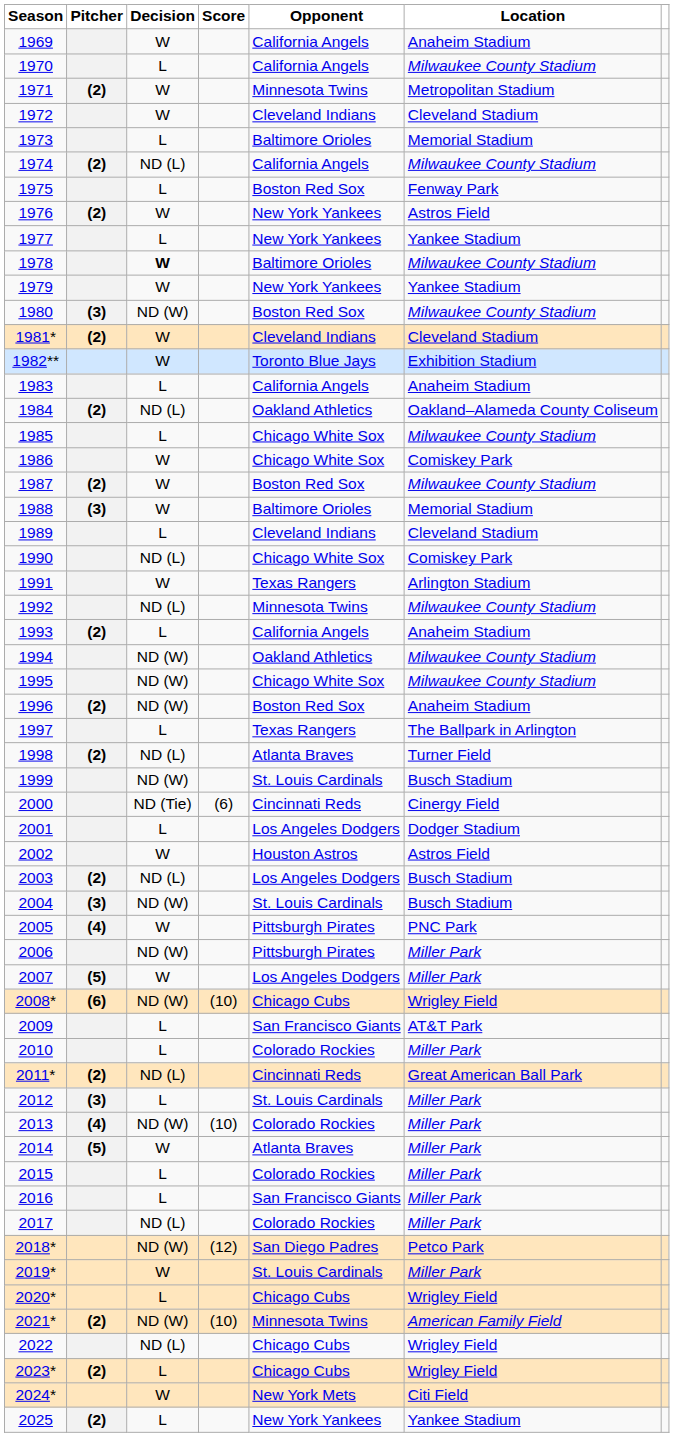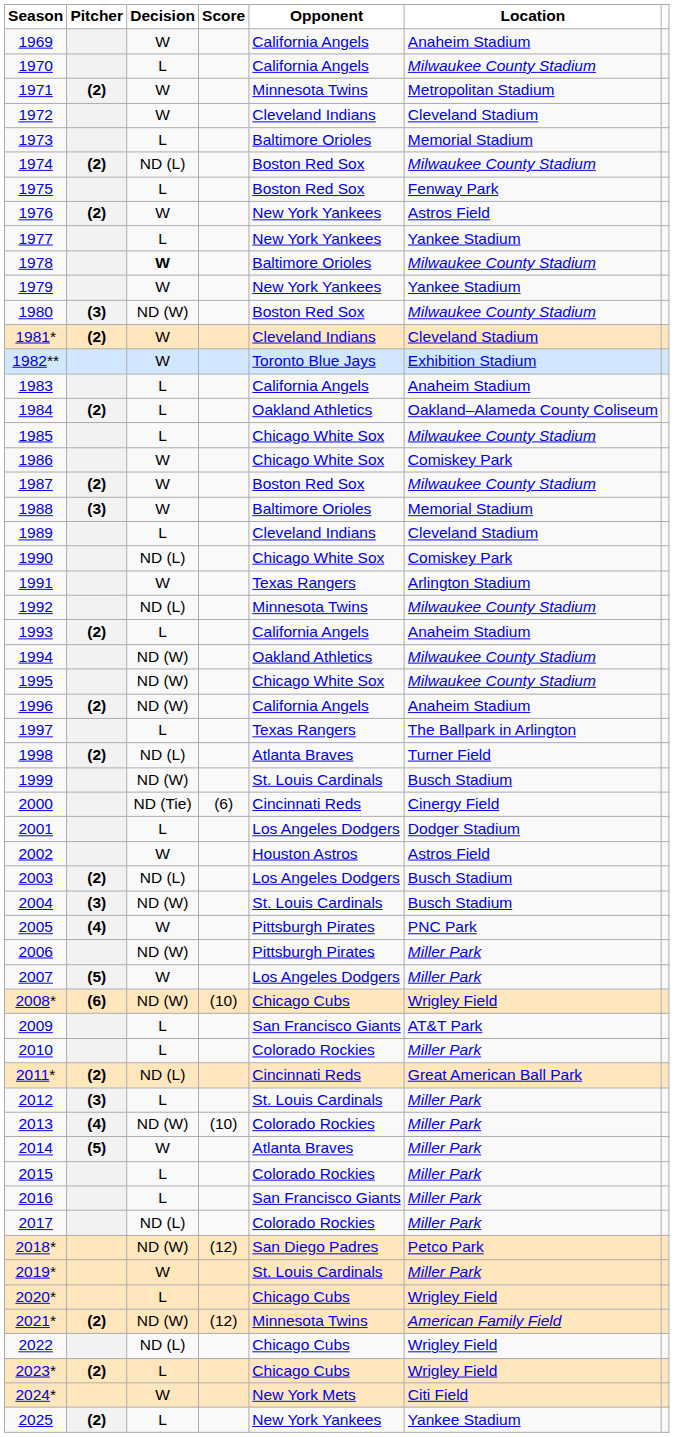 <table class="wikitable sortable plainrowheaders">
 <tr>
 <th scope="col" style="background-color:#ffffff; border-top:#">Season</th>
 <th scope="col" style="background-color:#ffffff; border-top:#">Pitcher</th>
 <th scope="col" style="background-color:#ffffff; border-top:#">Decision</th>
 <th scope="col" style="background-color:#ffffff; border-top:#">Score</th>
 <th scope="col" style="background-color:#ffffff; border-top:#">Opponent</th>
 <th scope="col" style="background-color:#ffffff; border-top:#">Location</th>
 <th scope="col" class="unsortable" style="background-color:#ffffff; border-top:#"></th>
 </tr>
 <tr>
 <td align=center><a href='#'>1969</a></td>
 <th scope="row"></th>
 <td align=center>W</td>
 <td align=center></td>
 <td><a href='#'>California Angels</a></td>
 <td><a href='#'>Anaheim Stadium</a></td>
 <td align="center"></td>
 </tr>
 <tr>
 <td align=center><a href='#'>1970</a></td>
 <th scope="row"></th>
 <td align=center>L</td>
 <td align=center></td>
 <td><a href='#'>California Angels</a></td>
 <td><em><a href='#'>Milwaukee County Stadium</a></em></td>
 <td align="center"></td>
 </tr>
 <tr>
 <td align=center><a href='#'>1971</a></td>
 <th scope="row"> (2)</th>
 <td align=center>W</td>
 <td align=center></td>
 <td><a href='#'>Minnesota Twins</a></td>
 <td><a href='#'>Metropolitan Stadium</a></td>
 <td align="center"></td>
 </tr>
 <tr>
 <td align=center><a href='#'>1972</a></td>
 <th scope="row"></th>
 <td align=center>W</td>
 <td align=center></td>
 <td><a href='#'>Cleveland Indians</a></td>
 <td><a href='#'>Cleveland Stadium</a></td>
 <td align="center"></td>
 </tr>
 <tr>
 <td align=center><a href='#'>1973</a></td>
 <th scope="row"></th>
 <td align=center>L</td>
 <td align=center></td>
 <td><a href='#'>Baltimore Orioles</a></td>
 <td><a href='#'>Memorial Stadium</a></td>
 <td align="center"></td>
 </tr>
 <tr>
 <td align=center><a href='#'>1974</a></td>
 <th scope="row"> (2)</th>
 <td align=center>ND (L)</td>
 <td align=center></td>
-<td><a href='#'>California Angels</a></td>
+<td><a href='#'>Boston Red Sox</a></td>
 <td><em><a href='#'>Milwaukee County Stadium</a></em></td>
 <td align="center"></td>
 </tr>
 <tr>
 <td align=center><a href='#'>1975</a></td>
 <th scope="row"></th>
 <td align=center>L</td>
 <td align=center></td>
 <td><a href='#'>Boston Red Sox</a></td>
 <td><a href='#'>Fenway Park</a></td>
 <td align="center"></td>
 </tr>
 <tr>
 <td align=center><a href='#'>1976</a></td>
 <th scope="row"> (2)</th>
 <td align=center>W</td>
 <td align=center></td>
 <td><a href='#'>New York Yankees</a></td>
 <td><a href='#'>Astros Field</a></td>
 <td align="center"></td>
 </tr>
 <tr>
 <td align=center><a href='#'>1977</a></td>
 <th scope="row"></th>
 <td align=center>L</td>
 <td align=center></td>
 <td><a href='#'>New York Yankees</a></td>
 <td><a href='#'>Yankee Stadium</a></td>
 <td align="center"></td>
 </tr>
 <tr>
 <td align=center><a href='#'>1978</a></td>
 <th scope="row"></th>
 <td align=center><strong>W</strong></td>
 <td align=center></td>
 <td><a href='#'>Baltimore Orioles</a></td>
 <td><em><a href='#'>Milwaukee County Stadium</a></em></td>
 <td align="center"></td>
 </tr>
 <tr>
 <td align=center><a href='#'>1979</a></td>
 <th scope="row"></th>
 <td align=center>W</td>
 <td align=center></td>
 <td><a href='#'>New York Yankees</a></td>
 <td><a href='#'>Yankee Stadium</a></td>
 <td align="center"></td>
 </tr>
 <tr>
 <td align=center><a href='#'>1980</a></td>
 <th scope="row"> (3)</th>
 <td align=center>ND (W)</td>
 <td align=center></td>
 <td><a href='#'>Boston Red Sox</a></td>
 <td><em><a href='#'>Milwaukee County Stadium</a></em></td>
 <td align="center"></td>
 </tr>
 <tr>
 <td style="background:#FFE6BD" align=center><a href='#'>1981</a>*</td>
 <th scope="row" style="background:#FFE6BD"> (2)</th>
 <td style="background:#FFE6BD" align=center>W</td>
 <td style="background:#FFE6BD" align=center></td>
 <td style="background:#FFE6BD"><a href='#'>Cleveland Indians</a></td>
 <td style="background:#FFE6BD"><a href='#'>Cleveland Stadium</a></td>
 <td style="background:#FFE6BD" align="center"></td>
 </tr>
 <tr>
 <td style="background:#D0E7FF" align=center><a href='#'>1982</a>**</td>
 <th scope="row" style="background:#D0E7FF"></th>
 <td style="background:#D0E7FF" align=center>W</td>
 <td style="background:#D0E7FF" align=center></td>
 <td style="background:#D0E7FF"><a href='#'>Toronto Blue Jays</a></td>
 <td style="background:#D0E7FF"><a href='#'>Exhibition Stadium</a></td>
 <td style="background:#D0E7FF" align="center"></td>
 </tr>
 <tr>
 <td align=center><a href='#'>1983</a></td>
 <th scope="row"></th>
 <td align=center>L</td>
 <td align=center></td>
 <td><a href='#'>California Angels</a></td>
 <td><a href='#'>Anaheim Stadium</a></td>
 <td align="center"></td>
 </tr>
 <tr>
 <td align=center><a href='#'>1984</a></td>
 <th scope="row"> (2)</th>
-<td align=center>ND (L)</td>
+<td align=center>L</td>
 <td align=center></td>
 <td><a href='#'>Oakland Athletics</a></td>
 <td><a href='#'>Oakland–Alameda County Coliseum</a></td>
 <td align="center"></td>
 </tr>
 <tr>
 <td align=center><a href='#'>1985</a></td>
 <th scope="row"></th>
 <td align=center>L</td>
 <td align=center></td>
 <td><a href='#'>Chicago White Sox</a></td>
 <td><em><a href='#'>Milwaukee County Stadium</a></em></td>
 <td align="center"></td>
 </tr>
 <tr>
 <td align=center><a href='#'>1986</a></td>
 <th scope="row"></th>
 <td align=center>W</td>
 <td align=center></td>
 <td><a href='#'>Chicago White Sox</a></td>
 <td><a href='#'>Comiskey Park</a></td>
 <td align="center"></td>
 </tr>
 <tr>
 <td align=center><a href='#'>1987</a></td>
 <th scope="row"> (2)</th>
 <td align=center>W</td>
 <td align=center></td>
 <td><a href='#'>Boston Red Sox</a></td>
 <td><em><a href='#'>Milwaukee County Stadium</a></em></td>
 <td align="center"></td>
 </tr>
 <tr>
 <td align=center><a href='#'>1988</a></td>
 <th scope="row"> (3)</th>
 <td align=center>W</td>
 <td align=center></td>
 <td><a href='#'>Baltimore Orioles</a></td>
 <td><a href='#'>Memorial Stadium</a></td>
 <td align="center"></td>
 </tr>
 <tr>
 <td align=center><a href='#'>1989</a></td>
 <th scope="row"></th>
 <td align=center>L</td>
 <td align=center></td>
 <td><a href='#'>Cleveland Indians</a></td>
 <td><a href='#'>Cleveland Stadium</a></td>
 <td align="center"></td>
 </tr>
 <tr>
 <td align=center><a href='#'>1990</a></td>
 <th scope="row"></th>
 <td align=center>ND (L)</td>
 <td align=center></td>
 <td><a href='#'>Chicago White Sox</a></td>
 <td><a href='#'>Comiskey Park</a></td>
 <td align="center"></td>
 </tr>
 <tr>
 <td align=center><a href='#'>1991</a></td>
 <th scope="row"></th>
 <td align=center>W</td>
 <td align=center></td>
 <td><a href='#'>Texas Rangers</a></td>
 <td><a href='#'>Arlington Stadium</a></td>
 <td align="center"></td>
 </tr>
 <tr>
 <td align=center><a href='#'>1992</a></td>
 <th scope="row"></th>
 <td align=center>ND (L)</td>
 <td align=center></td>
 <td><a href='#'>Minnesota Twins</a></td>
 <td><em><a href='#'>Milwaukee County Stadium</a></em></td>
 <td align="center"></td>
 </tr>
 <tr>
 <td align=center><a href='#'>1993</a></td>
 <th scope="row"> (2)</th>
 <td align=center>L</td>
 <td align=center></td>
 <td><a href='#'>California Angels</a></td>
 <td><a href='#'>Anaheim Stadium</a></td>
 <td align="center"></td>
 </tr>
 <tr>
 <td align=center><a href='#'>1994</a></td>
 <th scope="row"></th>
 <td align=center>ND (W)</td>
 <td align=center></td>
 <td><a href='#'>Oakland Athletics</a></td>
 <td><em><a href='#'>Milwaukee County Stadium</a></em></td>
 <td align="center"></td>
 </tr>
 <tr>
 <td align=center><a href='#'>1995</a></td>
 <th scope="row"></th>
 <td align=center>ND (W)</td>
 <td align=center></td>
 <td><a href='#'>Chicago White Sox</a></td>
 <td><em><a href='#'>Milwaukee County Stadium</a></em></td>
 <td align="center"></td>
 </tr>
 <tr>
 <td align=center><a href='#'>1996</a></td>
 <th scope="row"> (2)</th>
 <td align=center>ND (W)</td>
 <td align=center></td>
-<td><a href='#'>Boston Red Sox</a></td>
+<td><a href='#'>California Angels</a></td>
 <td><a href='#'>Anaheim Stadium</a></td>
 <td align="center"></td>
 </tr>
 <tr>
 <td align=center><a href='#'>1997</a></td>
 <th scope="row"></th>
 <td align=center>L</td>
 <td align=center></td>
 <td><a href='#'>Texas Rangers</a></td>
 <td><a href='#'>The Ballpark in Arlington</a></td>
 <td align="center"></td>
 </tr>
 <tr>
 <td align=center><a href='#'>1998</a></td>
 <th scope="row"> (2)</th>
 <td align=center>ND (L)</td>
 <td align=center></td>
 <td><a href='#'>Atlanta Braves</a></td>
 <td><a href='#'>Turner Field</a></td>
 <td align="center"></td>
 </tr>
 <tr>
 <td align=center><a href='#'>1999</a></td>
 <th scope="row"></th>
 <td align=center>ND (W)</td>
 <td align=center></td>
 <td><a href='#'>St. Louis Cardinals</a></td>
 <td><a href='#'>Busch Stadium</a></td>
 <td align="center"></td>
 </tr>
 <tr>
 <td align=center><a href='#'>2000</a></td>
 <th scope="row"></th>
 <td align=center>ND (Tie)</td>
 <td align=center> (6)</td>
 <td><a href='#'>Cincinnati Reds</a></td>
 <td><a href='#'>Cinergy Field</a></td>
 <td align="center"></td>
 </tr>
 <tr>
 <td align=center><a href='#'>2001</a></td>
 <th scope="row"></th>
 <td align=center>L</td>
 <td align=center></td>
 <td><a href='#'>Los Angeles Dodgers</a></td>
 <td><a href='#'>Dodger Stadium</a></td>
 <td align="center"></td>
 </tr>
 <tr>
 <td align=center><a href='#'>2002</a></td>
 <th scope="row"></th>
 <td align=center>W</td>
 <td align=center></td>
 <td><a href='#'>Houston Astros</a></td>
 <td><a href='#'>Astros Field</a></td>
 <td align="center"></td>
 </tr>
 <tr>
 <td align=center><a href='#'>2003</a></td>
 <th scope="row"> (2)</th>
 <td align=center>ND (L)</td>
 <td align=center></td>
 <td><a href='#'>Los Angeles Dodgers</a></td>
 <td><a href='#'>Busch Stadium</a></td>
 <td align="center"></td>
 </tr>
 <tr>
 <td align=center><a href='#'>2004</a></td>
 <th scope="row"> (3)</th>
 <td align=center>ND (W)</td>
 <td align=center></td>
 <td><a href='#'>St. Louis Cardinals</a></td>
 <td><a href='#'>Busch Stadium</a></td>
 <td align="center"></td>
 </tr>
 <tr>
 <td align=center><a href='#'>2005</a></td>
 <th scope="row"> (4)</th>
 <td align=center>W</td>
 <td align=center></td>
 <td><a href='#'>Pittsburgh Pirates</a></td>
 <td><a href='#'>PNC Park</a></td>
 <td align="center"></td>
 </tr>
 <tr>
 <td align=center><a href='#'>2006</a></td>
 <th scope="row"></th>
 <td align=center>ND (W)</td>
 <td align=center></td>
 <td><a href='#'>Pittsburgh Pirates</a></td>
 <td><em><a href='#'>Miller Park</a></em></td>
 <td align="center"></td>
 </tr>
 <tr>
 <td align=center><a href='#'>2007</a></td>
 <th scope="row"> (5)</th>
 <td align=center>W</td>
 <td align=center></td>
 <td><a href='#'>Los Angeles Dodgers</a></td>
 <td><em><a href='#'>Miller Park</a></em></td>
 <td align="center"></td>
 </tr>
 <tr>
 <td style="background:#FFE6BD" align=center><a href='#'>2008</a>*</td>
 <th scope="row" style="background:#FFE6BD"> (6)</th>
 <td style="background:#FFE6BD" align=center>ND (W)</td>
 <td style="background:#FFE6BD" align=center> (10)</td>
 <td style="background:#FFE6BD"><a href='#'>Chicago Cubs</a></td>
 <td style="background:#FFE6BD"><a href='#'>Wrigley Field</a></td>
 <td style="background:#FFE6BD" align="center"></td>
 </tr>
 <tr>
 <td align=center><a href='#'>2009</a></td>
 <th scope="row"></th>
 <td align=center>L</td>
 <td align=center></td>
 <td><a href='#'>San Francisco Giants</a></td>
 <td><a href='#'>AT&T Park</a></td>
 <td align="center"></td>
 </tr>
 <tr>
 <td align="center"><a href='#'>2010</a></td>
 <th scope="row"></th>
 <td align="center">L</td>
 <td align="center"></td>
 <td><a href='#'>Colorado Rockies</a></td>
 <td><em><a href='#'>Miller Park</a></em></td>
 <td align="center"></td>
 </tr>
 <tr>
 <td style="background:#FFE6BD" align="center"><a href='#'>2011</a>*</td>
 <th scope="row" style="background:#FFE6BD"> (2)</th>
 <td style="background:#FFE6BD" align="center">ND (L)</td>
 <td style="background:#FFE6BD" align="center"></td>
 <td style="background:#FFE6BD"><a href='#'>Cincinnati Reds</a></td>
 <td style="background:#FFE6BD"><a href='#'>Great American Ball Park</a></td>
 <td style="background:#FFE6BD" align="center"></td>
 </tr>
 <tr>
 <td align=center><a href='#'>2012</a></td>
 <th scope="row"> (3)</th>
 <td align=center>L</td>
 <td align=center></td>
 <td><a href='#'>St. Louis Cardinals</a></td>
 <td><em><a href='#'>Miller Park</a></em></td>
 <td align="center"></td>
 </tr>
 <tr>
 <td align=center><a href='#'>2013</a></td>
 <th scope="row"> (4)</th>
 <td align=center>ND (W)</td>
 <td align=center> (10)</td>
 <td><a href='#'>Colorado Rockies</a></td>
 <td><em><a href='#'>Miller Park</a></em></td>
 <td align="center"></td>
 </tr>
 <tr>
 <td align=center><a href='#'>2014</a></td>
 <th scope="row"> (5)</th>
 <td align=center>W</td>
 <td align=center></td>
 <td><a href='#'>Atlanta Braves</a></td>
 <td><em><a href='#'>Miller Park</a></em></td>
 <td align="center"></td>
 </tr>
 <tr>
 <td align=center><a href='#'>2015</a></td>
 <th scope="row"></th>
 <td align=center>L</td>
 <td align=center></td>
 <td><a href='#'>Colorado Rockies</a></td>
 <td><em><a href='#'>Miller Park</a></em></td>
 <td align="center"></td>
 </tr>
 <tr>
 <td align=center><a href='#'>2016</a></td>
 <th scope="row"></th>
 <td align=center>L</td>
 <td align=center></td>
 <td><a href='#'>San Francisco Giants</a></td>
 <td><em><a href='#'>Miller Park</a></em></td>
 <td align="center"></td>
 </tr>
 <tr>
 <td align=center><a href='#'>2017</a></td>
 <th scope="row"></th>
 <td align=center>ND (L)</td>
 <td align=center></td>
 <td><a href='#'>Colorado Rockies</a></td>
 <td><em><a href='#'>Miller Park</a></em></td>
 <td align="center"></td>
 </tr>
 <tr>
 <td style="background:#FFE6BD" align=center><a href='#'>2018</a>*</td>
 <th style="background:#FFE6BD" scope="row"></th>
 <td style="background:#FFE6BD" align=center>ND (W)</td>
 <td style="background:#FFE6BD" align=center> (12)</td>
 <td style="background:#FFE6BD"><a href='#'>San Diego Padres</a></td>
 <td style="background:#FFE6BD"><a href='#'>Petco Park</a></td>
 <td style="background:#FFE6BD" align="center"></td>
 </tr>
 <tr>
 <td style="background:#FFE6BD" align=center><a href='#'>2019</a>*</td>
 <th style="background:#FFE6BD" scope="row"></th>
 <td style="background:#FFE6BD" align=center>W</td>
 <td style="background:#FFE6BD" align=center></td>
 <td style="background:#FFE6BD"><a href='#'>St. Louis Cardinals</a></td>
 <td style="background:#FFE6BD"><em><a href='#'>Miller Park</a></em></td>
 <td style="background:#FFE6BD" align=center></td>
 </tr>
 <tr>
 <td style="background:#FFE6BD" align=center><a href='#'>2020</a>*</td>
 <th style="background:#FFE6BD" scope="row"></th>
 <td style="background:#FFE6BD" align=center>L</td>
 <td style="background:#FFE6BD" align=center></td>
 <td style="background:#FFE6BD"><a href='#'>Chicago Cubs</a></td>
 <td style="background:#FFE6BD"><a href='#'>Wrigley Field</a></td>
 <td style="background:#FFE6BD" align="center"></td>
 </tr>
 <tr>
 <td style="background:#FFE6BD" align=center><a href='#'>2021</a>*</td>
 <th style="background:#FFE6BD" scope="row"> (2)</th>
 <td style="background:#FFE6BD" align=center>ND (W)</td>
-<td style="background:#FFE6BD" align=center> (10)</td>
+<td style="background:#FFE6BD" align=center> (12)</td>
 <td style="background:#FFE6BD"><a href='#'>Minnesota Twins</a></td>
 <td style="background:#FFE6BD"><em><a href='#'>American Family Field</a></em></td>
 <td style="background:#FFE6BD" align="center"></td>
 </tr>
 <tr>
 <td align=center><a href='#'>2022</a></td>
 <th scope="row"></th>
 <td align=center>ND (L)</td>
 <td align=center></td>
 <td><a href='#'>Chicago Cubs</a></td>
 <td><a href='#'>Wrigley Field</a></td>
 <td align="center"></td>
 </tr>
 <tr>
 <td style="background:#FFE6BD" align=center><a href='#'>2023</a>*</td>
 <th style="background:#FFE6BD" scope="row"> (2)</th>
 <td style="background:#FFE6BD" align=center>L</td>
 <td style="background:#FFE6BD" align=center></td>
 <td style="background:#FFE6BD"><a href='#'>Chicago Cubs</a></td>
 <td style="background:#FFE6BD"><a href='#'>Wrigley Field</a></td>
 <td style="background:#FFE6BD" align="center"></td>
 </tr>
 <tr>
 <td style="background:#FFE6BD" align=center><a href='#'>2024</a>*</td>
 <th style="background:#FFE6BD"  scope="row"></th>
 <td style="background:#FFE6BD" align=center>W</td>
 <td style="background:#FFE6BD" align=center></td>
 <td style="background:#FFE6BD"><a href='#'>New York Mets</a></td>
 <td style="background:#FFE6BD"><a href='#'>Citi Field</a></td>
 <td style="background:#FFE6BD" align="center"></td>
 </tr>
 <tr>
 <td align=center><a href='#'>2025</a></td>
 <th scope="row"> (2)</th>
 <td align=center>L</td>
 <td align=center></td>
 <td><a href='#'>New York Yankees</a></td>
 <td><a href='#'>Yankee Stadium</a></td>
 <td align="center"></td>
 </tr>
 </table>
